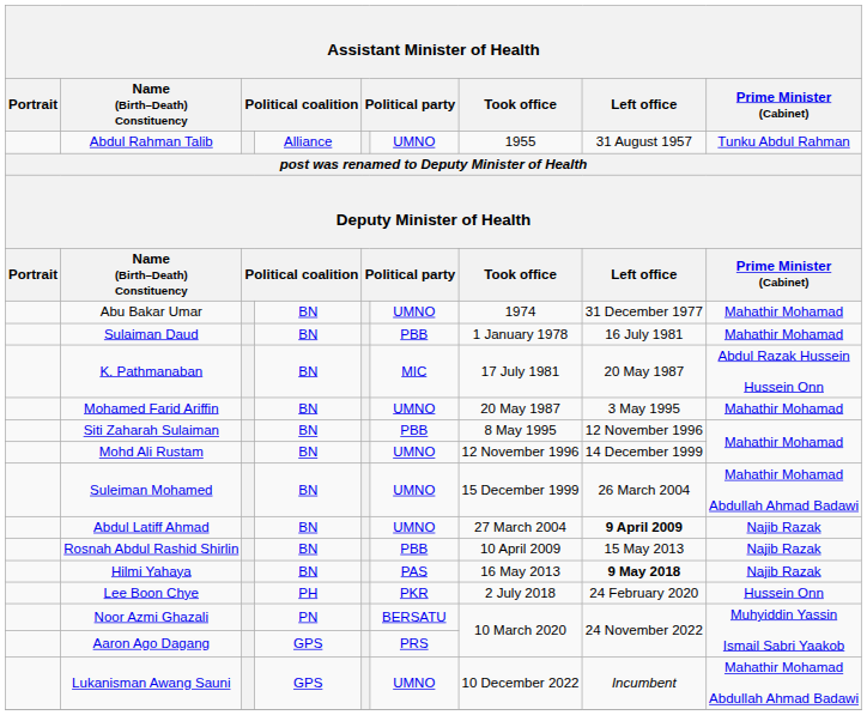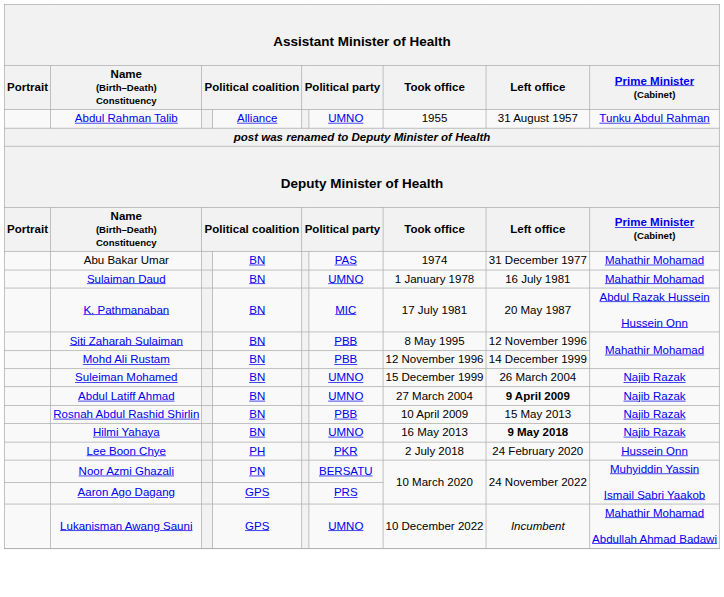 <table class="wikitable" style="text-align:center;">
 <tr>
 <th colspan="9"><br><h3>Assistant Minister of Health</h3></th>
 </tr>
 <tr>
 <th>Portrait</th>
 <th>Name<br><small>(Birth–Death)<br>Constituency</small></th>
 <th colspan="2">Political coalition</th>
 <th colspan="2">Political party</th>
 <th>Took office</th>
 <th>Left office</th>
 <th><a href='#'>Prime Minister</a><br><small>(Cabinet)</small></th>
 </tr>
 <tr>
 <td></td>
 <td><a href='#'>Abdul Rahman Talib</a><br></td>
 <th style="background:"></th>
 <td><a href='#'>Alliance</a></td>
 <th style="background:"></th>
 <td><a href='#'>UMNO</a></td>
 <td>1955</td>
 <td>31 August 1957</td>
 <td><a href='#'>Tunku Abdul Rahman</a><br></td>
 </tr>
 <tr>
 <th colspan="9"><em>post was renamed to Deputy Minister of Health</em></th>
 </tr>
 <tr>
 <th colspan="9"><br><h3>Deputy Minister of Health</h3></th>
 </tr>
 <tr>
 <th>Portrait</th>
 <th>Name<br><small>(Birth–Death)<br>Constituency</small></th>
 <th colspan="2">Political coalition</th>
 <th colspan="2">Political party</th>
 <th>Took office</th>
 <th>Left office</th>
 <th><a href='#'>Prime Minister</a><br><small>(Cabinet)</small></th>
 </tr>
 <tr>
 <td></td>
 <td>Abu Bakar Umar<br></td>
 <th style="background:"></th>
 <td><a href='#'>BN</a></td>
 <th style="background:"></th>
-<td><a href='#'>UMNO</a></td>
+<td><a href='#'>PAS</a></td>
 <td>1974</td>
 <td>31 December 1977</td>
 <td><a href='#'>Mahathir Mohamad</a><br></td>
 </tr>
 <tr>
 <td></td>
 <td><a href='#'>Sulaiman Daud</a><br></td>
 <th style="background:"></th>
 <td><a href='#'>BN</a></td>
 <th style="background:"></th>
-<td><a href='#'>PBB</a></td>
+<td><a href='#'>UMNO</a></td>
 <td>1 January 1978</td>
 <td>16 July 1981</td>
 <td><a href='#'>Mahathir Mohamad</a><br></td>
 </tr>
 <tr>
 <td></td>
 <td><a href='#'>K. Pathmanaban</a><br></td>
 <th style="background:"></th>
 <td><a href='#'>BN</a></td>
 <th style="background:"></th>
 <td><a href='#'>MIC</a></td>
 <td>17 July 1981</td>
 <td>20 May 1987</td>
 <td><a href='#'>Abdul Razak Hussein</a><br><br><a href='#'>Hussein Onn</a><br></td>
-</tr>
-<tr>
-<td></td>
-<td><a href='#'>Mohamed Farid Ariffin</a><br></td>
-<th style="background:"></th>
-<td><a href='#'>BN</a></td>
-<th style="background:"></th>
-<td><a href='#'>UMNO</a></td>
-<td>20 May 1987</td>
-<td>3 May 1995</td>
-<td><a href='#'>Mahathir Mohamad</a><br></td>
 </tr>
 <tr>
 <td></td>
 <td><a href='#'>Siti Zaharah Sulaiman</a><br></td>
 <th style="background:"></th>
 <td><a href='#'>BN</a></td>
 <th style="background:"></th>
 <td><a href='#'>PBB</a></td>
 <td>8 May 1995</td>
 <td>12 November 1996</td>
 <td rowspan=2><a href='#'>Mahathir Mohamad</a><br></td>
 </tr>
 <tr>
 <td></td>
 <td><a href='#'>Mohd Ali Rustam</a><br></td>
 <th style="background:"></th>
 <td><a href='#'>BN</a></td>
 <th style="background:"></th>
-<td><a href='#'>UMNO</a></td>
+<td><a href='#'>PBB</a></td>
 <td>12 November 1996</td>
 <td>14 December 1999</td>
 </tr>
 <tr>
 <td></td>
 <td><a href='#'>Suleiman Mohamed</a><br></td>
 <th style="background:"></th>
 <td><a href='#'>BN</a></td>
 <th style="background:"></th>
 <td><a href='#'>UMNO</a></td>
 <td>15 December 1999</td>
 <td>26 March 2004</td>
-<td><a href='#'>Mahathir Mohamad</a><br><br><a href='#'>Abdullah Ahmad Badawi</a><br></td>
+<td><a href='#'>Najib Razak</a><br></td>
 </tr>
 <tr>
 <td></td>
 <td><a href='#'>Abdul Latiff Ahmad</a><br></td>
 <th style="background:"></th>
 <td><a href='#'>BN</a></td>
 <th style="background:"></th>
 <td><a href='#'>UMNO</a></td>
 <td>27 March 2004</td>
 <td><strong>9 April 2009</strong></td>
 <td><a href='#'>Najib Razak</a><br></td>
 </tr>
 <tr>
 <td></td>
 <td><a href='#'>Rosnah Abdul Rashid Shirlin</a><br></td>
 <th style="background:"></th>
 <td><a href='#'>BN</a></td>
 <th style="background:"></th>
 <td><a href='#'>PBB</a></td>
 <td>10 April 2009</td>
 <td>15 May 2013</td>
 <td><a href='#'>Najib Razak</a><br></td>
 </tr>
 <tr>
 <td></td>
 <td><a href='#'>Hilmi Yahaya</a><br></td>
 <th style="background:"></th>
 <td><a href='#'>BN</a></td>
 <th style="background:"></th>
-<td><a href='#'>PAS</a></td>
+<td><a href='#'>UMNO</a></td>
 <td>16 May 2013</td>
 <td><strong>9 May 2018</strong></td>
 <td><a href='#'>Najib Razak</a><br></td>
 </tr>
 <tr>
 <td></td>
 <td><a href='#'>Lee Boon Chye</a><br></td>
 <th style="background:"></th>
 <td><a href='#'>PH</a></td>
 <th style="background:"></th>
 <td><a href='#'>PKR</a></td>
 <td>2 July 2018</td>
 <td>24 February 2020</td>
 <td><a href='#'>Hussein Onn</a><br></td>
 </tr>
 <tr>
 <td></td>
 <td><a href='#'>Noor Azmi Ghazali</a><br></td>
 <th style="background:"></th>
 <td><a href='#'>PN</a></td>
 <th style="background:"></th>
 <td><a href='#'>BERSATU</a></td>
 <td rowspan=2>10 March 2020</td>
 <td rowspan=2>24 November 2022</td>
 <td rowspan=2><a href='#'>Muhyiddin Yassin</a><br><br><a href='#'>Ismail Sabri Yaakob</a><br></td>
 </tr>
 <tr>
 <td></td>
 <td><a href='#'>Aaron Ago Dagang</a><br></td>
 <th style="background:"></th>
 <td><a href='#'>GPS</a></td>
 <th style="background:"></th>
 <td><a href='#'>PRS</a></td>
 </tr>
 <tr>
 <td></td>
 <td><a href='#'>Lukanisman Awang Sauni</a><br></td>
 <th style="background:"></th>
 <td><a href='#'>GPS</a></td>
 <th style="background:"></th>
 <td><a href='#'>UMNO</a></td>
 <td>10 December 2022</td>
 <td><em>Incumbent</em></td>
 <td><a href='#'>Mahathir Mohamad</a><br><br><a href='#'>Abdullah Ahmad Badawi</a><br></td>
 </tr>
 <tr>
 </tr>
 </table>
